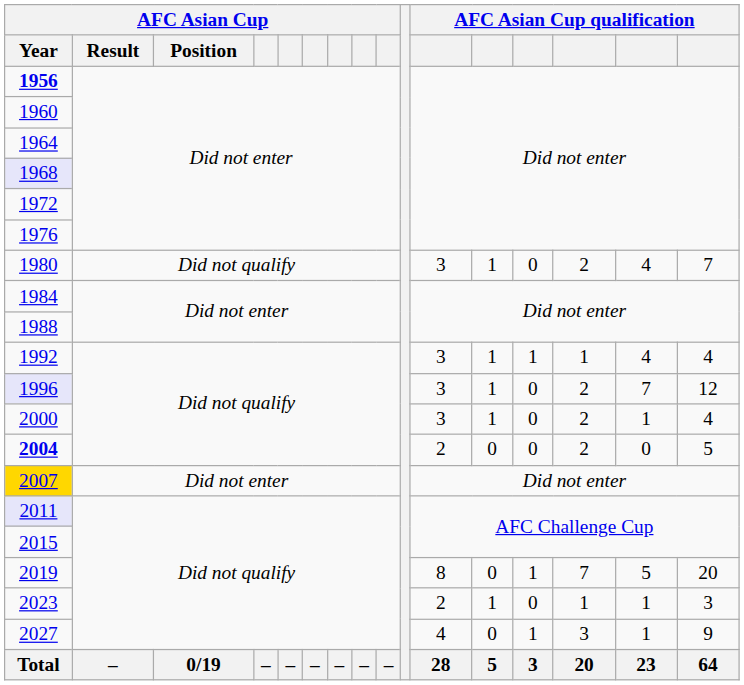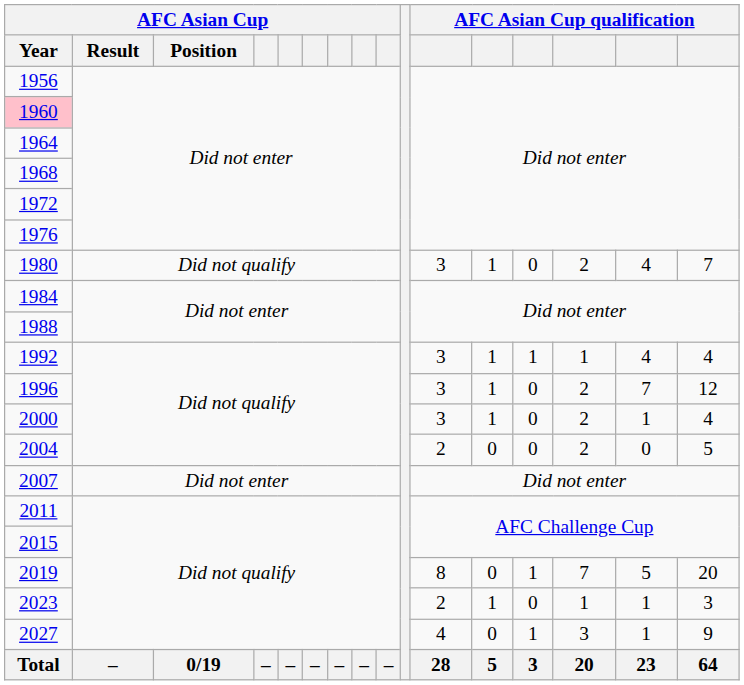 <table class="wikitable" style="text-align:center">
 <tr>
 <th colspan=9><a href='#'>AFC Asian Cup</a></th>
 <th width=1% rowspan=39></th>
 <th colspan=6><a href='#'>AFC Asian Cup qualification</a></th>
 </tr>
 <tr>
 <th>Year</th>
 <th>Result</th>
 <th>Position</th>
 <th></th>
 <th></th>
 <th></th>
 <th></th>
 <th></th>
 <th></th>
 <th></th>
 <th></th>
 <th></th>
 <th></th>
 <th></th>
 <th></th>
 </tr>
 <tr>
-<td><strong> <a href='#'>1956</a></strong></td>
+<td> <a href='#'>1956</a></td>
 <td colspan=9 rowspan=6><em>Did not enter</em></td>
 <td colspan=7 rowspan=6><em>Did not enter</em></td>
 </tr>
 <tr>
-<td> <a href='#'>1960</a></td>
+<td style="background: pink;"> <a href='#'>1960</a></td>
 </tr>
 <tr>
 <td> <a href='#'>1964</a></td>
 </tr>
 <tr>
-<td style="background: lavender;"> <a href='#'>1968</a></td>
+<td> <a href='#'>1968</a></td>
 </tr>
 <tr>
 <td> <a href='#'>1972</a></td>
 </tr>
 <tr>
 <td> <a href='#'>1976</a></td>
 </tr>
 <tr>
 <td> <a href='#'>1980</a></td>
 <td colspan=8 rowspan=1><em>Did not qualify</em></td>
 <td>3</td>
 <td>1</td>
 <td>0</td>
 <td>2</td>
 <td>4</td>
 <td>7</td>
 </tr>
 <tr>
 <td> <a href='#'>1984</a></td>
 <td colspan=8 rowspan=2><em>Did not enter</em></td>
 <td colspan=8 rowspan=2><em>Did not enter</em></td>
 </tr>
 <tr>
 <td> <a href='#'>1988</a></td>
 </tr>
 <tr>
 <td> <a href='#'>1992</a></td>
 <td colspan=8 rowspan=4><em>Did not qualify</em></td>
 <td>3</td>
 <td>1</td>
 <td>1</td>
 <td>1</td>
 <td>4</td>
 <td>4</td>
 </tr>
 <tr>
-<td style="background: lavender;"> <a href='#'>1996</a></td>
+<td> <a href='#'>1996</a></td>
 <td>3</td>
 <td>1</td>
 <td>0</td>
 <td>2</td>
 <td>7</td>
 <td>12</td>
 </tr>
 <tr>
 <td> <a href='#'>2000</a></td>
 <td>3</td>
 <td>1</td>
 <td>0</td>
 <td>2</td>
 <td>1</td>
 <td>4</td>
 </tr>
 <tr>
-<td><strong> <a href='#'>2004</a></strong></td>
+<td> <a href='#'>2004</a></td>
 <td>2</td>
 <td>0</td>
 <td>0</td>
 <td>2</td>
 <td>0</td>
 <td>5</td>
 </tr>
 <tr>
-<td style="background: gold;">    <a href='#'>2007</a></td>
+<td>    <a href='#'>2007</a></td>
 <td colspan=8><em>Did not enter</em></td>
 <td colspan=8><em>Did not enter</em></td>
 </tr>
 <tr>
-<td style="background: lavender;"> <a href='#'>2011</a></td>
+<td> <a href='#'>2011</a></td>
 <td colspan=8 rowspan=5><em>Did not qualify</em></td>
 <td colspan=8 rowspan=2><a href='#'>AFC Challenge Cup</a></td>
 </tr>
 <tr>
 <td> <a href='#'>2015</a></td>
 </tr>
 <tr>
 <td> <a href='#'>2019</a></td>
 <td>8</td>
 <td>0</td>
 <td>1</td>
 <td>7</td>
 <td>5</td>
 <td>20</td>
 </tr>
 <tr>
 <td> <a href='#'>2023</a></td>
 <td>2</td>
 <td>1</td>
 <td>0</td>
 <td>1</td>
 <td>1</td>
 <td>3</td>
 </tr>
 <tr>
 <td> <a href='#'>2027</a></td>
 <td>4</td>
 <td>0</td>
 <td>1</td>
 <td>3</td>
 <td>1</td>
 <td>9</td>
 </tr>
 <tr>
 <th><strong>Total</strong></th>
 <th>–</th>
 <th>0/19</th>
 <th>–</th>
 <th>–</th>
 <th>–</th>
 <th>–</th>
 <th>–</th>
 <th>–</th>
 <th>28</th>
 <th>5</th>
 <th>3</th>
 <th>20</th>
 <th>23</th>
 <th>64</th>
 </tr>
 </table>
